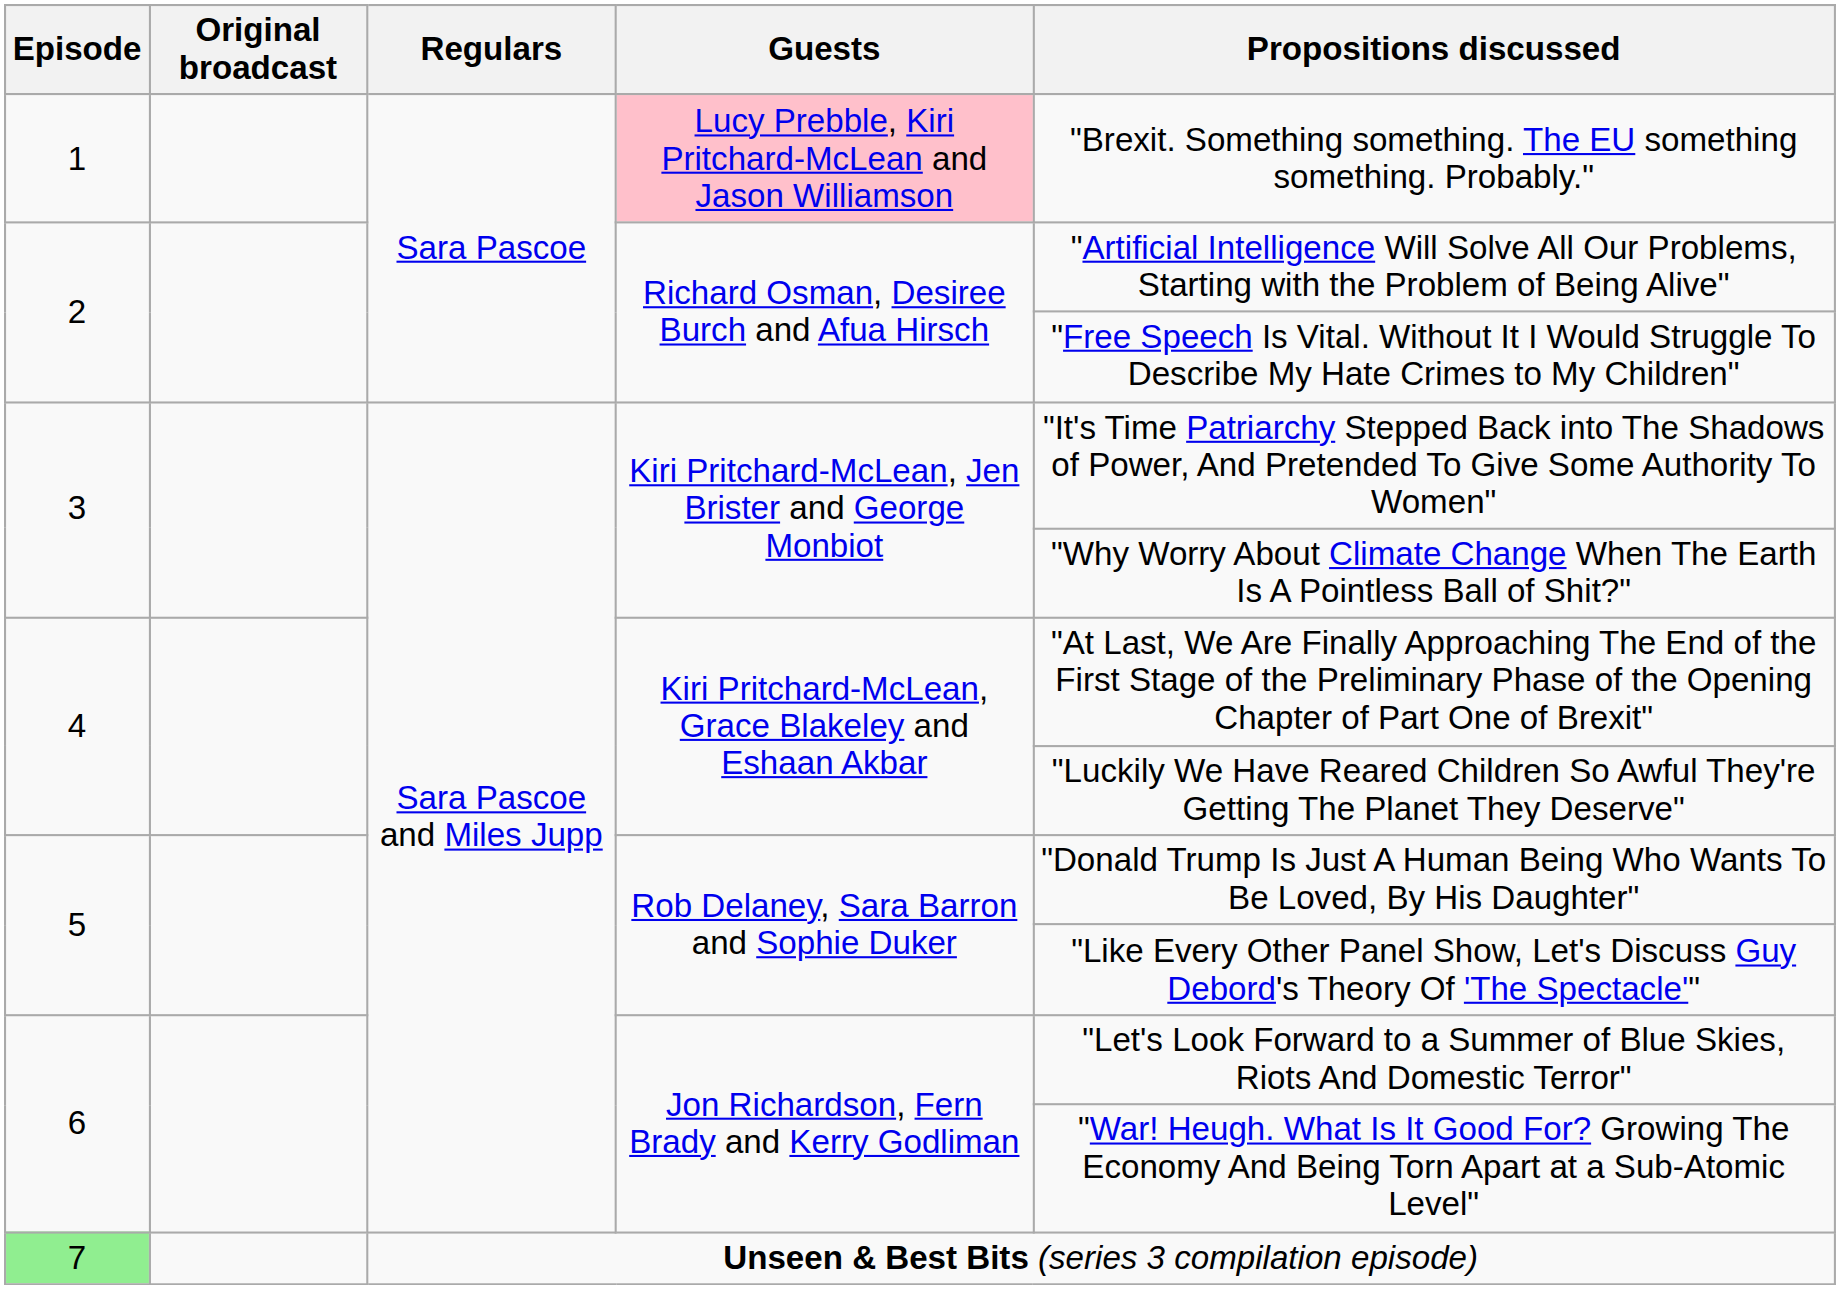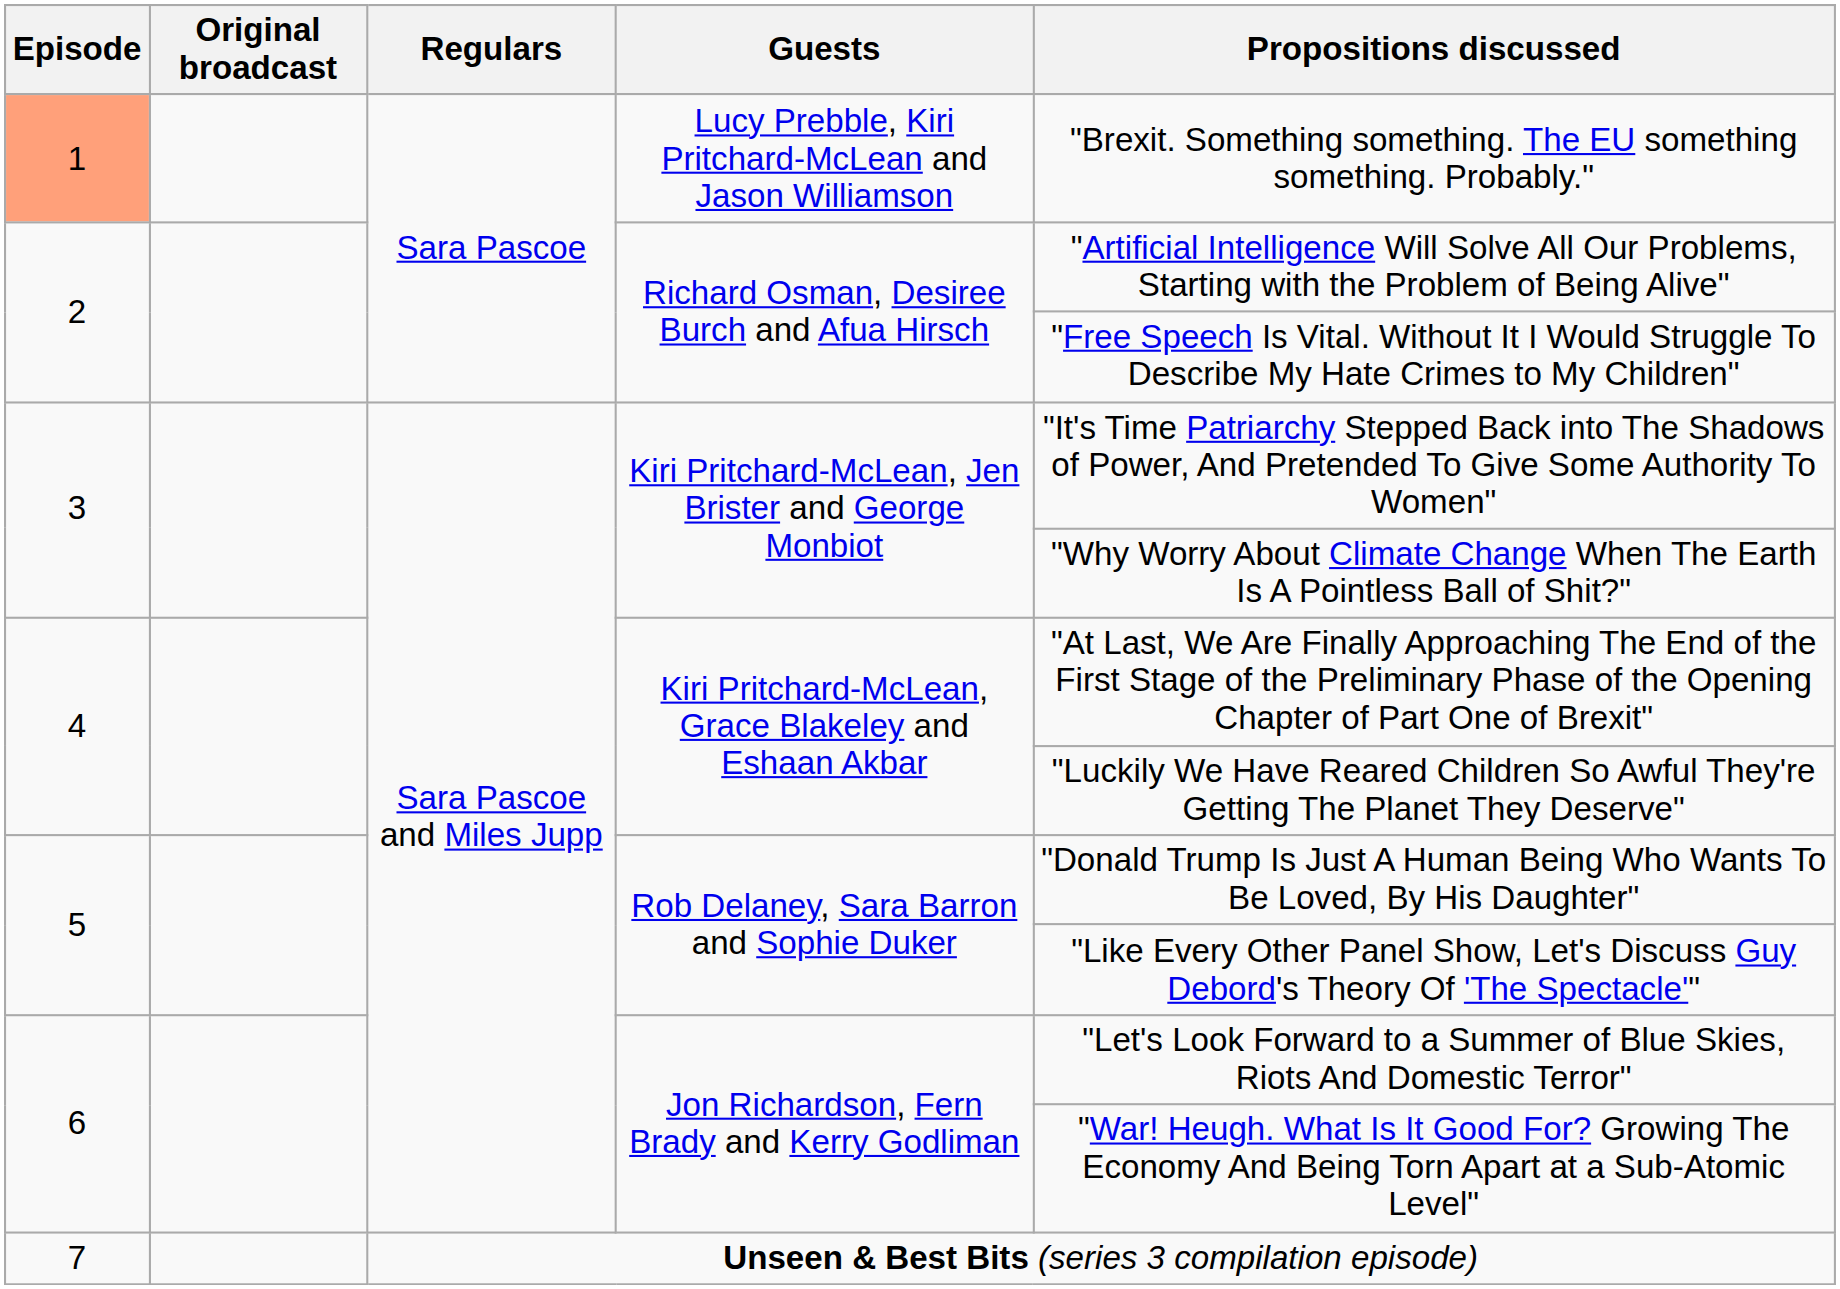 <table class="wikitable" style="text-align:center; width:70%;">
 <tr>
 <th>Episode</th>
 <th>Original broadcast</th>
 <th>Regulars</th>
 <th>Guests</th>
 <th>Propositions discussed</th>
 </tr>
 <tr>
-<td>1</td>
+<td style="background: lightsalmon;">1</td>
 <td></td>
 <td rowspan="3"><a href='#'>Sara Pascoe</a></td>
-<td style="background: pink;"><a href='#'>Lucy Prebble</a>, <a href='#'>Kiri Pritchard-McLean</a> and <a href='#'>Jason Williamson</a></td>
+<td><a href='#'>Lucy Prebble</a>, <a href='#'>Kiri Pritchard-McLean</a> and <a href='#'>Jason Williamson</a></td>
 <td>"Brexit. Something something. <a href='#'>The EU</a> something something. Probably."</td>
 </tr>
 <tr>
 <td rowspan="2">2</td>
 <td rowspan="2"></td>
 <td rowspan="2"><a href='#'>Richard Osman</a>, <a href='#'>Desiree Burch</a> and <a href='#'>Afua Hirsch</a></td>
 <td>"<a href='#'>Artificial Intelligence</a> Will Solve All Our Problems, Starting with the Problem of Being Alive"</td>
 </tr>
 <tr>
 <td>"<a href='#'>Free Speech</a> Is Vital. Without It I Would Struggle To Describe My Hate Crimes to My Children"</td>
 </tr>
 <tr>
 <td rowspan="2">3</td>
 <td rowspan="2"></td>
 <td rowspan="8"><a href='#'>Sara Pascoe</a> and <a href='#'>Miles Jupp</a></td>
 <td rowspan="2"><a href='#'>Kiri Pritchard-McLean</a>, <a href='#'>Jen Brister</a> and <a href='#'>George Monbiot</a></td>
 <td>"It's Time <a href='#'>Patriarchy</a> Stepped Back into The Shadows of Power, And Pretended To Give Some Authority To Women"</td>
 </tr>
 <tr>
 <td>"Why Worry About <a href='#'>Climate Change</a> When The Earth Is A Pointless Ball of Shit?"</td>
 </tr>
 <tr>
 <td rowspan="2">4</td>
 <td rowspan="2"></td>
 <td rowspan="2"><a href='#'>Kiri Pritchard-McLean</a>, <a href='#'>Grace Blakeley</a> and <a href='#'>Eshaan Akbar</a></td>
 <td>"At Last, We Are Finally Approaching The End of the First Stage of the Preliminary Phase of the Opening Chapter of Part One of Brexit"</td>
 </tr>
 <tr>
 <td>"Luckily We Have Reared Children So Awful They're Getting The Planet They Deserve"</td>
 </tr>
 <tr>
 <td rowspan="2">5</td>
 <td rowspan="2"></td>
 <td rowspan="2"><a href='#'>Rob Delaney</a>, <a href='#'>Sara Barron</a> and <a href='#'>Sophie Duker</a></td>
 <td>"Donald Trump Is Just A Human Being Who Wants To Be Loved, By His Daughter"</td>
 </tr>
 <tr>
 <td>"Like Every Other Panel Show, Let's Discuss <a href='#'>Guy Debord</a>'s Theory Of <a href='#'>'The Spectacle'</a>"</td>
 </tr>
 <tr>
 <td rowspan="2">6</td>
 <td rowspan="2"></td>
 <td rowspan="2"><a href='#'>Jon Richardson</a>, <a href='#'>Fern Brady</a> and <a href='#'>Kerry Godliman</a></td>
 <td>"Let's Look Forward to a Summer of Blue Skies, Riots And Domestic Terror"</td>
 </tr>
 <tr>
 <td>"<a href='#'>War! Heugh. What Is It Good For?</a> Growing The Economy And Being Torn Apart at a Sub-Atomic Level"</td>
 </tr>
 <tr>
-<td style="background: lightgreen;">7</td>
+<td>7</td>
 <td></td>
 <td colspan="3"><strong>Unseen & Best Bits</strong> <em>(series 3 compilation episode)</em></td>
 </tr>
 </table>
